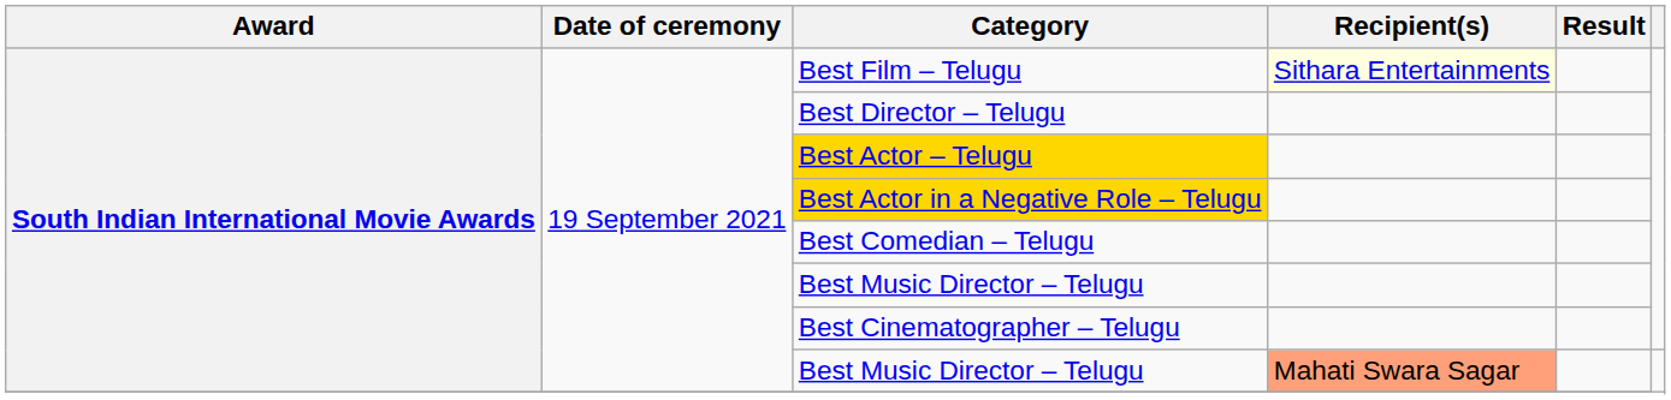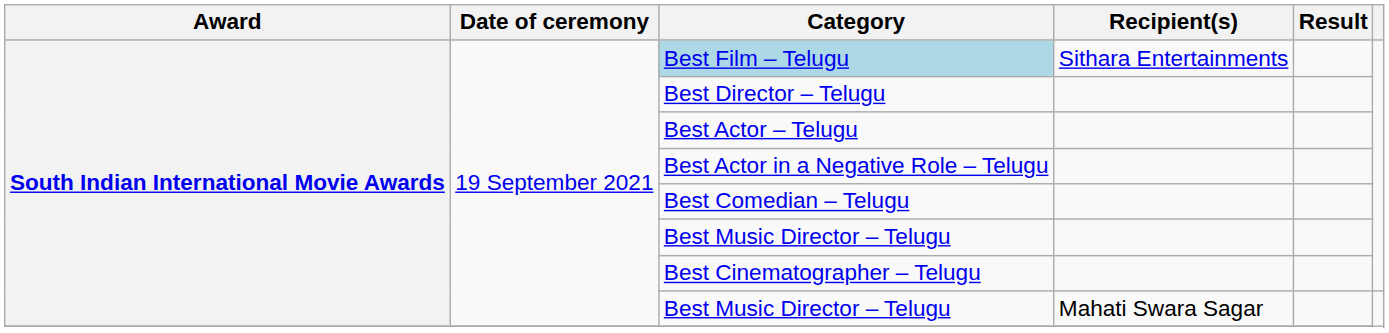 <table class="wikitable plainrowheaders sortable">
 <tr>
 <th scope="col">Award</th>
 <th scope="col">Date of ceremony</th>
 <th scope="col">Category</th>
 <th scope="col">Recipient(s)</th>
 <th scope="col">Result</th>
 <th scope="col" class="unsortable"></th>
 </tr>
 <tr>
 <th scope="row" rowspan="8"><a href='#'>South Indian International Movie Awards</a></th>
 <td rowspan="8"><a href='#'>19 September 2021</a></td>
-<td><a href='#'>Best Film – Telugu</a></td>
-<td style="background: lightyellow;"><a href='#'>Sithara Entertainments</a></td>
+<td style="background: lightblue;"><a href='#'>Best Film – Telugu</a></td>
+<td><a href='#'>Sithara Entertainments</a></td>
 <td></td>
 <td style="text-align:center;" rowspan="7"></td>
 </tr>
 <tr>
 <td><a href='#'>Best Director – Telugu</a></td>
 <td></td>
 <td></td>
 </tr>
 <tr>
-<td style="background: gold;"><a href='#'>Best Actor – Telugu</a></td>
+<td><a href='#'>Best Actor – Telugu</a></td>
 <td></td>
 <td></td>
 </tr>
 <tr>
-<td style="background: gold;"><a href='#'>Best Actor in a Negative Role – Telugu</a></td>
+<td><a href='#'>Best Actor in a Negative Role – Telugu</a></td>
 <td></td>
 <td></td>
 </tr>
 <tr>
 <td><a href='#'>Best Comedian – Telugu</a></td>
 <td></td>
 <td></td>
 </tr>
 <tr>
 <td><a href='#'>Best Music Director – Telugu</a></td>
 <td></td>
 <td></td>
 </tr>
 <tr>
 <td><a href='#'>Best Cinematographer – Telugu</a></td>
 <td></td>
 <td></td>
 </tr>
 <tr>
 <td><a href='#'>Best Music Director – Telugu</a></td>
-<td style="background: lightsalmon;">Mahati Swara Sagar</td>
+<td>Mahati Swara Sagar</td>
 <td></td>
 </tr>
 <tr>
 </tr>
 </table>
